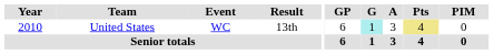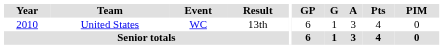 <table border="0" cellpadding="1" cellspacing="0" ID="Table3" style="text-align:center; width:40em;">
 <tr bgcolor="#e0e0e0">
 <th>Year</th>
 <th>Team</th>
 <th>Event</th>
 <th>Result</th>
 <th rowspan="99" bgcolor="#ffffff"></th>
 <th>GP</th>
 <th>G</th>
 <th>A</th>
 <th>Pts</th>
 <th>PIM</th>
 </tr>
 <tr>
 <td><a href='#'>2010</a></td>
 <td><a href='#'>United States</a></td>
 <td><a href='#'>WC</a></td>
 <td>13th</td>
 <td>6</td>
-<td style="background: paleturquoise;">1</td>
+<td>1</td>
 <td>3</td>
-<td style="background: khaki;">4</td>
+<td>4</td>
 <td>0</td>
 </tr>
 <tr bgcolor="#e0e0e0">
 <th colspan="4">Senior totals</th>
 <th>6</th>
 <th>1</th>
 <th>3</th>
 <th>4</th>
 <th>0</th>
 </tr>
 </table>
